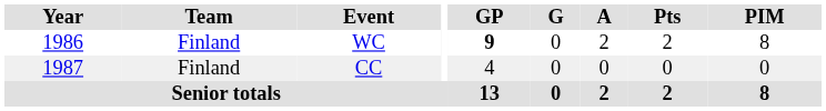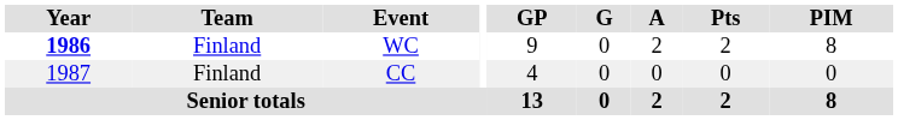 <table border="0" cellpadding="1" cellspacing="0" ID="Table3" style="text-align:center; width:40em">
 <tr bgcolor="#e0e0e0">
 <th>Year</th>
 <th>Team</th>
 <th>Event</th>
 <th rowspan="102" bgcolor="#ffffff"></th>
 <th>GP</th>
 <th>G</th>
 <th>A</th>
 <th>Pts</th>
 <th>PIM</th>
 </tr>
 <tr>
-<td><a href='#'>1986</a></td>
+<td><strong><a href='#'>1986</a></strong></td>
 <td><a href='#'>Finland</a></td>
 <td><a href='#'>WC</a></td>
-<td><strong>9</strong></td>
+<td>9</td>
 <td>0</td>
 <td>2</td>
 <td>2</td>
 <td>8</td>
 </tr>
 <tr bgcolor="#f0f0f0">
 <td><a href='#'>1987</a></td>
 <td>Finland</td>
 <td><a href='#'>CC</a></td>
 <td>4</td>
 <td>0</td>
 <td>0</td>
 <td>0</td>
 <td>0</td>
 </tr>
 <tr bgcolor="#e0e0e0">
 <th colspan="4">Senior totals</th>
 <th>13</th>
 <th>0</th>
 <th>2</th>
 <th>2</th>
 <th>8</th>
 </tr>
 </table>
